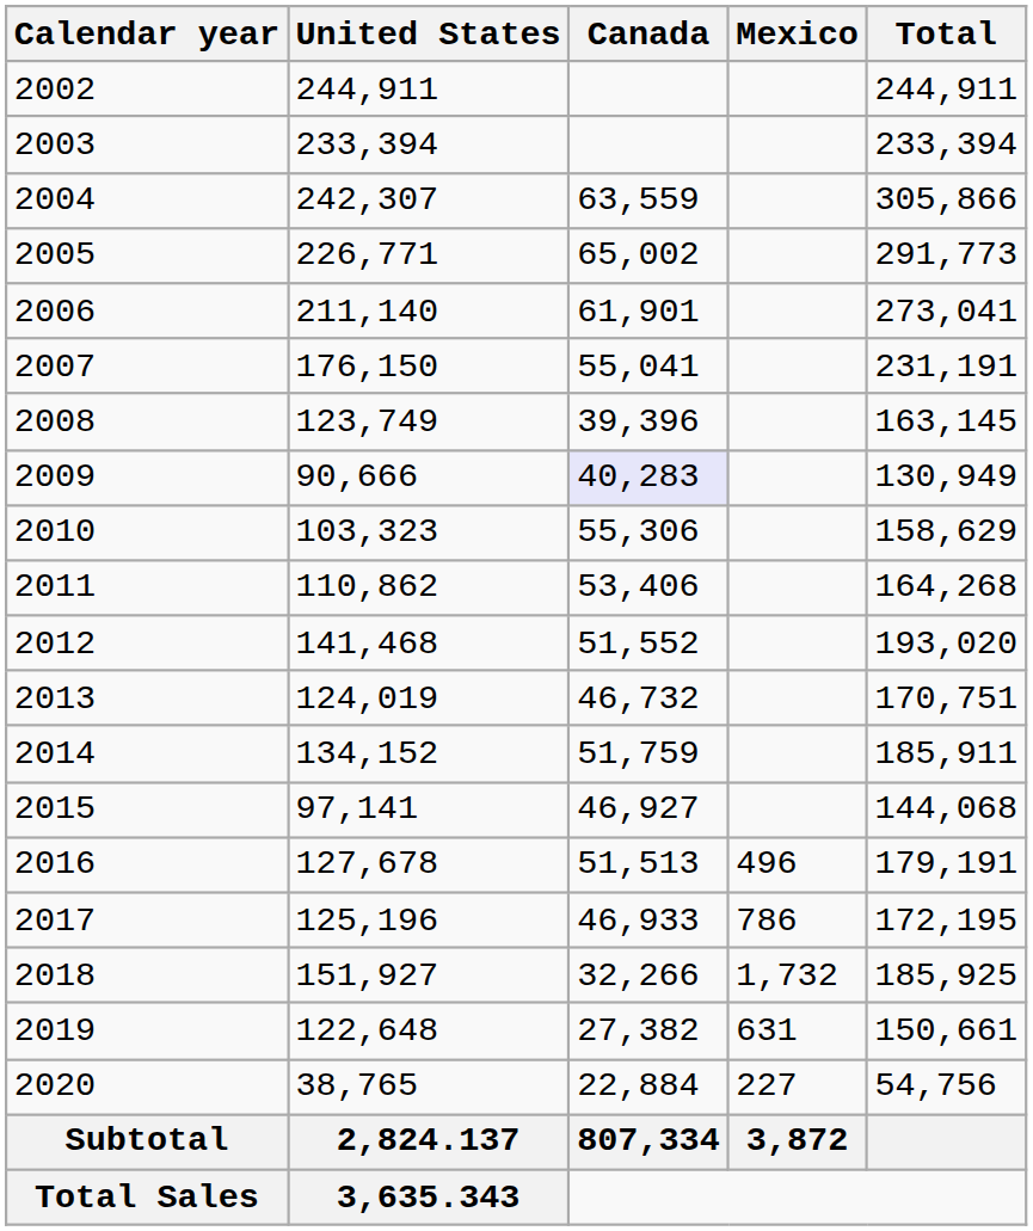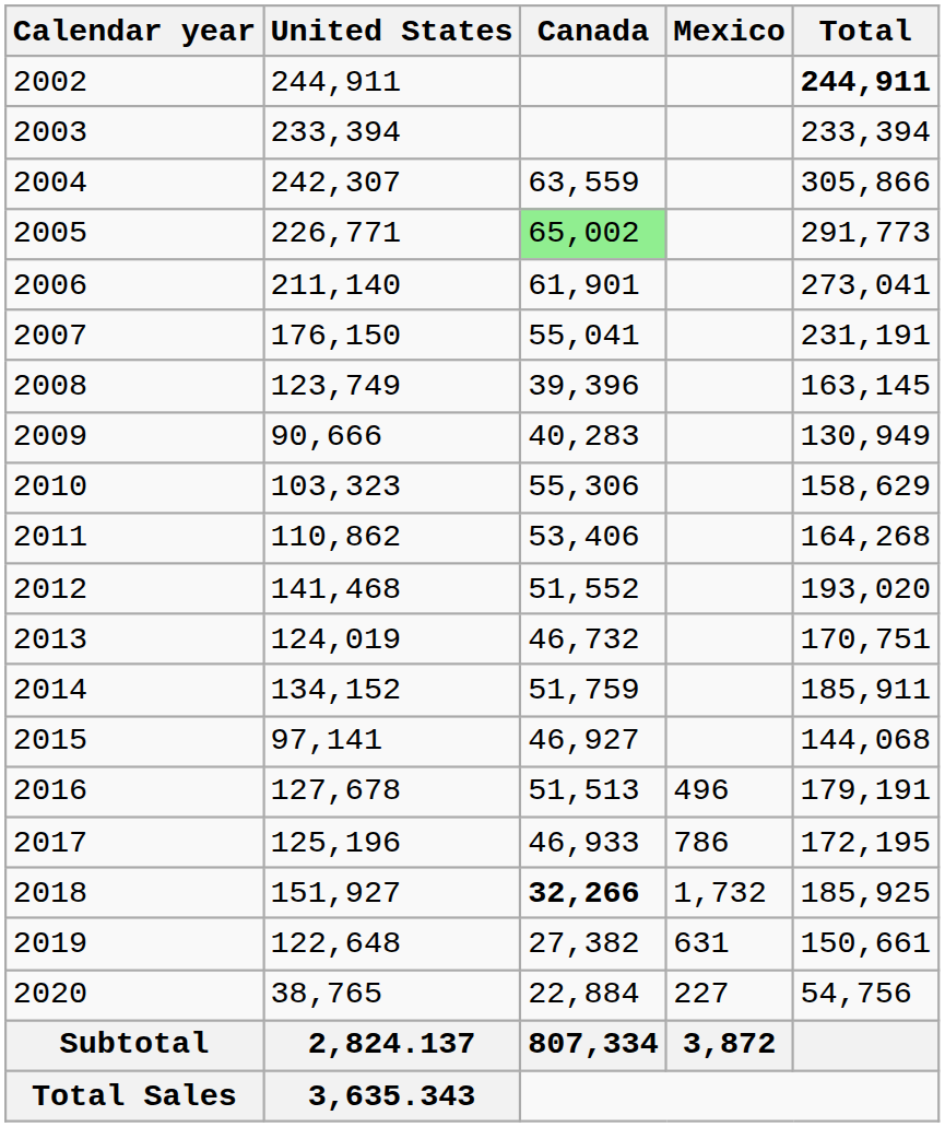 <table class="wikitable">
 <tr>
 <th>Calendar year</th>
 <th>United States</th>
 <th>Canada</th>
 <th>Mexico</th>
 <th>Total</th>
 </tr>
 <tr>
 <td>2002</td>
 <td>244,911</td>
 <td></td>
 <td></td>
-<td>244,911</td>
+<td><strong>244,911</strong></td>
 </tr>
 <tr>
 <td>2003</td>
 <td>233,394</td>
 <td></td>
 <td></td>
 <td>233,394</td>
 </tr>
 <tr>
 <td>2004</td>
 <td>242,307</td>
 <td>63,559</td>
 <td></td>
 <td>305,866</td>
 </tr>
 <tr>
 <td>2005</td>
 <td>226,771</td>
-<td>65,002</td>
+<td style="background: lightgreen;">65,002</td>
 <td></td>
 <td>291,773</td>
 </tr>
 <tr>
 <td>2006</td>
 <td>211,140</td>
 <td>61,901</td>
 <td></td>
 <td>273,041</td>
 </tr>
 <tr>
 <td>2007</td>
 <td>176,150</td>
 <td>55,041</td>
 <td></td>
 <td>231,191</td>
 </tr>
 <tr>
 <td>2008</td>
 <td>123,749</td>
 <td>39,396</td>
 <td></td>
 <td>163,145</td>
 </tr>
 <tr>
 <td>2009</td>
 <td>90,666</td>
-<td style="background: lavender;">40,283</td>
+<td>40,283</td>
 <td></td>
 <td>130,949</td>
 </tr>
 <tr>
 <td>2010</td>
 <td>103,323</td>
 <td>55,306</td>
 <td></td>
 <td>158,629</td>
 </tr>
 <tr>
 <td>2011</td>
 <td>110,862</td>
 <td>53,406</td>
 <td></td>
 <td>164,268</td>
 </tr>
 <tr>
 <td>2012</td>
 <td>141,468</td>
 <td>51,552</td>
 <td></td>
 <td>193,020</td>
 </tr>
 <tr>
 <td>2013</td>
 <td>124,019</td>
 <td>46,732</td>
 <td></td>
 <td>170,751</td>
 </tr>
 <tr>
 <td>2014</td>
 <td>134,152</td>
 <td>51,759</td>
 <td></td>
 <td>185,911</td>
 </tr>
 <tr>
 <td>2015</td>
 <td>97,141</td>
 <td>46,927</td>
 <td></td>
 <td>144,068</td>
 </tr>
 <tr>
 <td>2016</td>
 <td>127,678</td>
 <td>51,513</td>
 <td>496</td>
 <td>179,191</td>
 </tr>
 <tr>
 <td>2017</td>
 <td>125,196</td>
 <td>46,933</td>
 <td>786</td>
 <td>172,195</td>
 </tr>
 <tr>
 <td>2018</td>
 <td>151,927</td>
-<td>32,266</td>
+<td><strong>32,266</strong></td>
 <td>1,732</td>
 <td>185,925</td>
 </tr>
 <tr>
 <td>2019</td>
 <td>122,648</td>
 <td>27,382</td>
 <td>631</td>
 <td>150,661</td>
 </tr>
 <tr>
 <td>2020</td>
 <td>38,765</td>
 <td>22,884</td>
 <td>227</td>
 <td>54,756</td>
 </tr>
 <tr>
 <th>Subtotal</th>
 <th>2,824.137</th>
 <th>807,334</th>
 <th>3,872</th>
 <th></th>
 </tr>
 <tr>
 <th>Total Sales</th>
 <th>3,635.343</th>
 </tr>
 </table>
